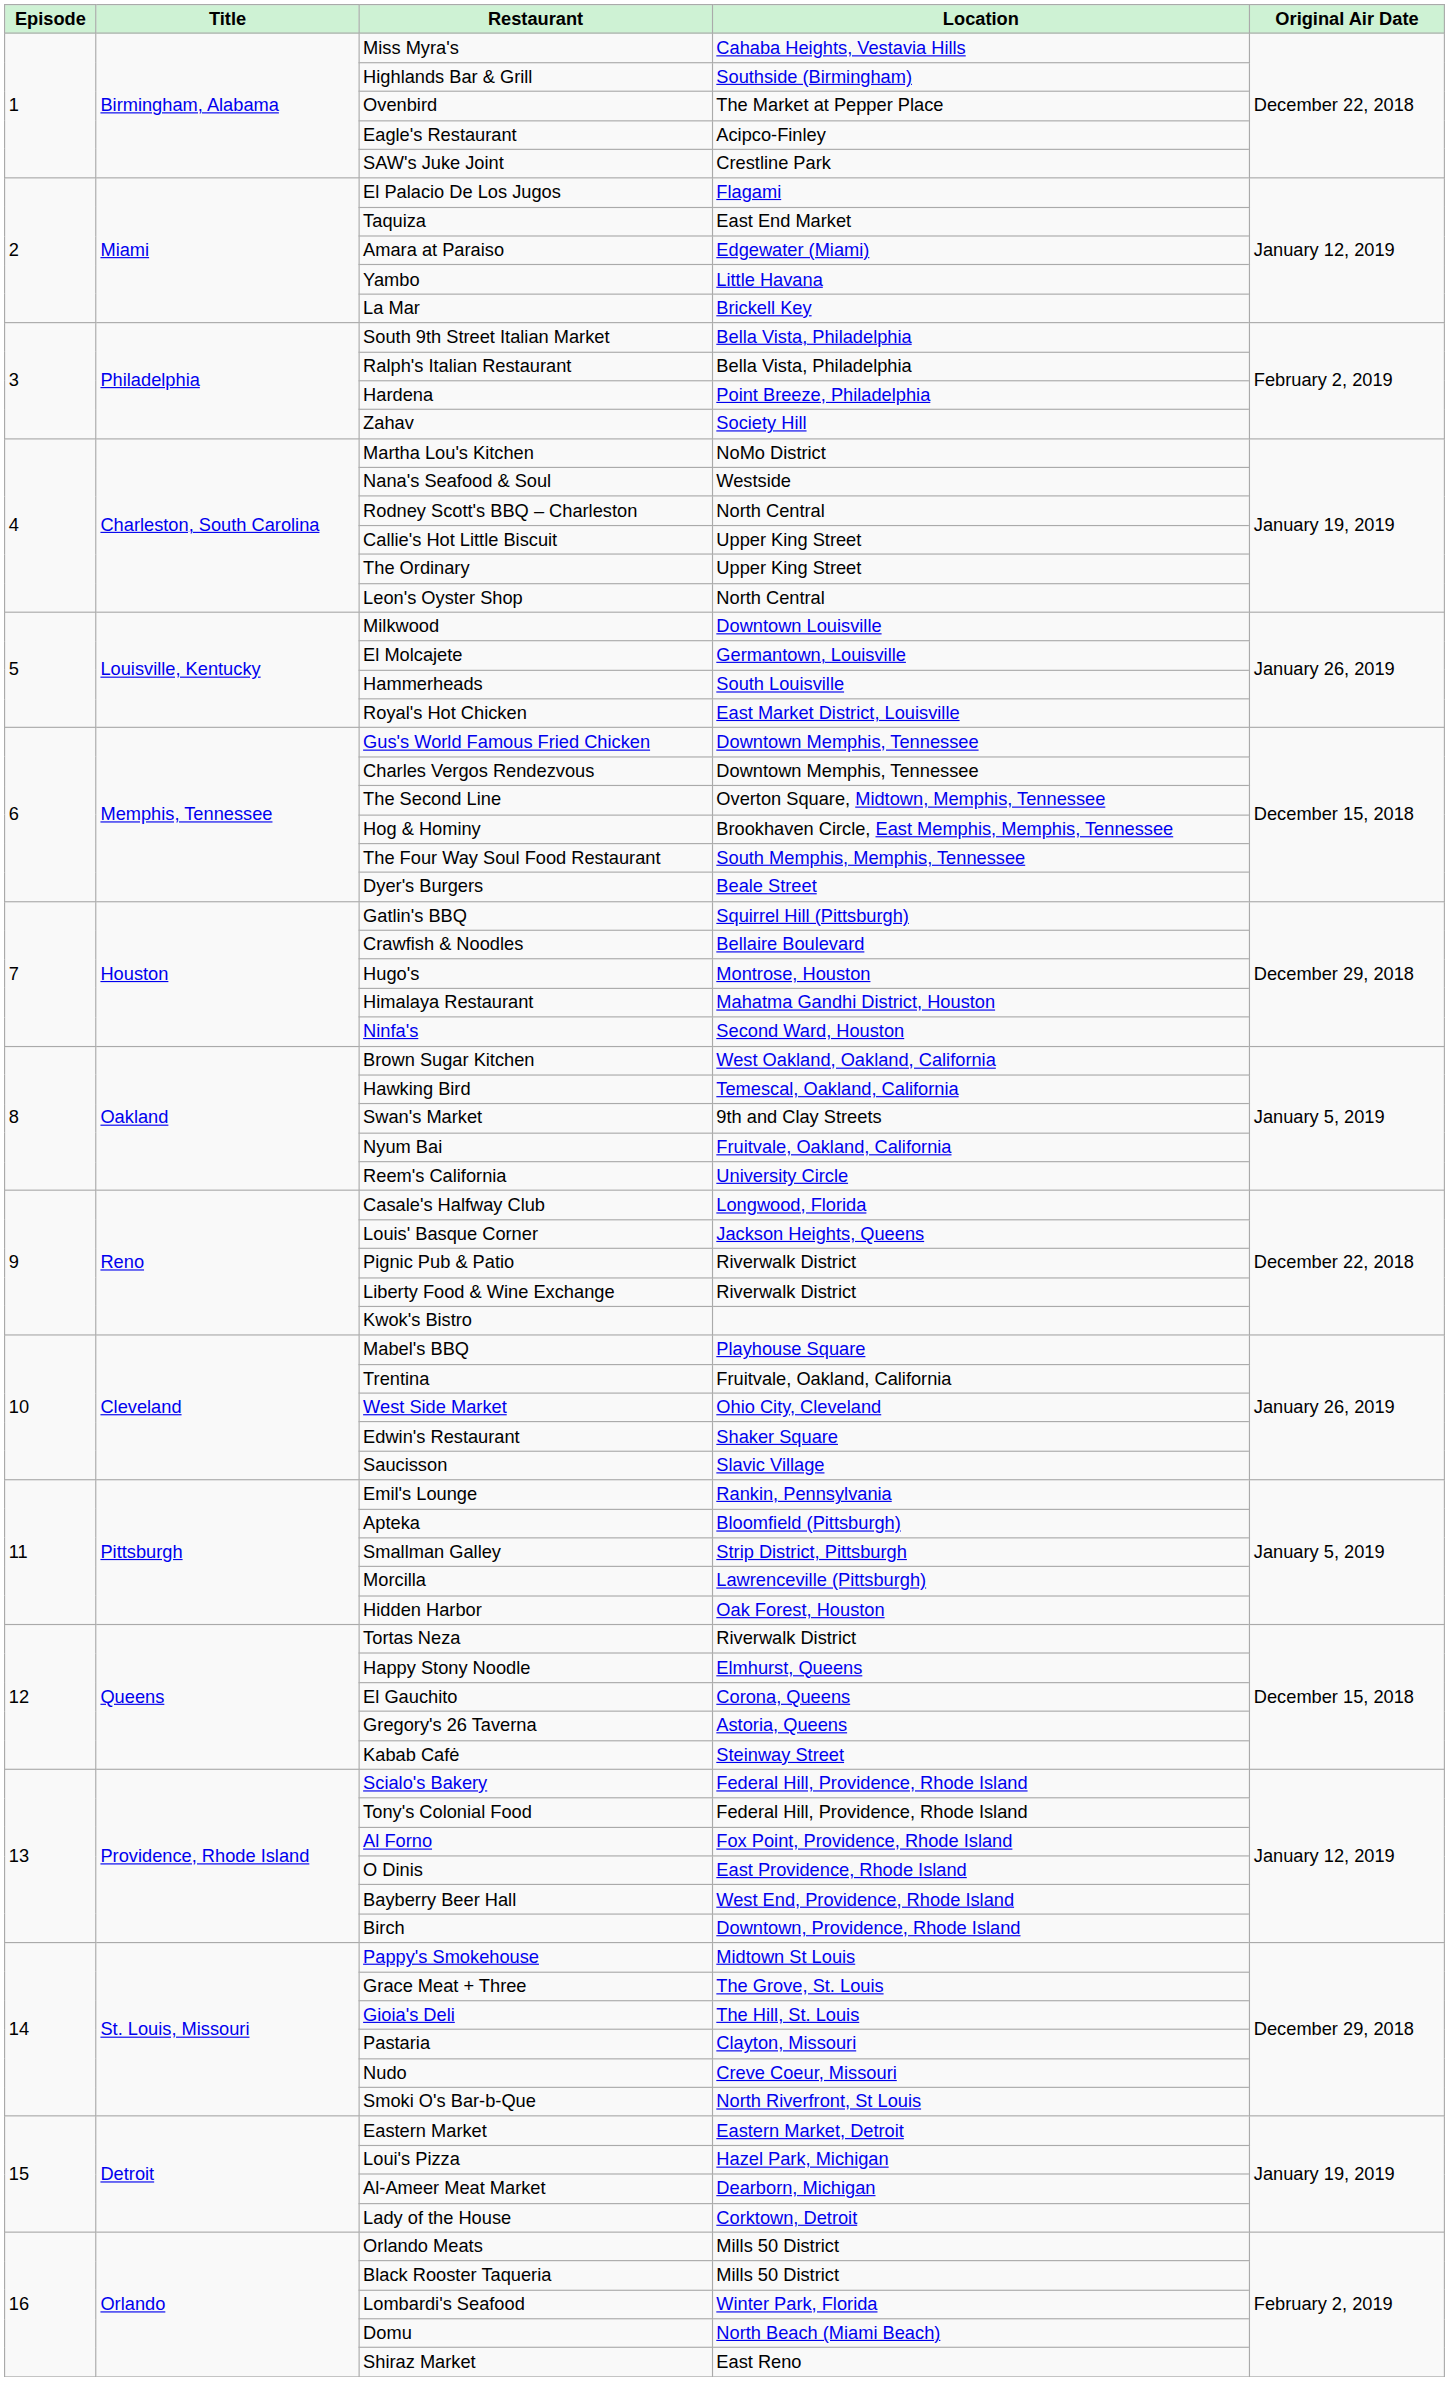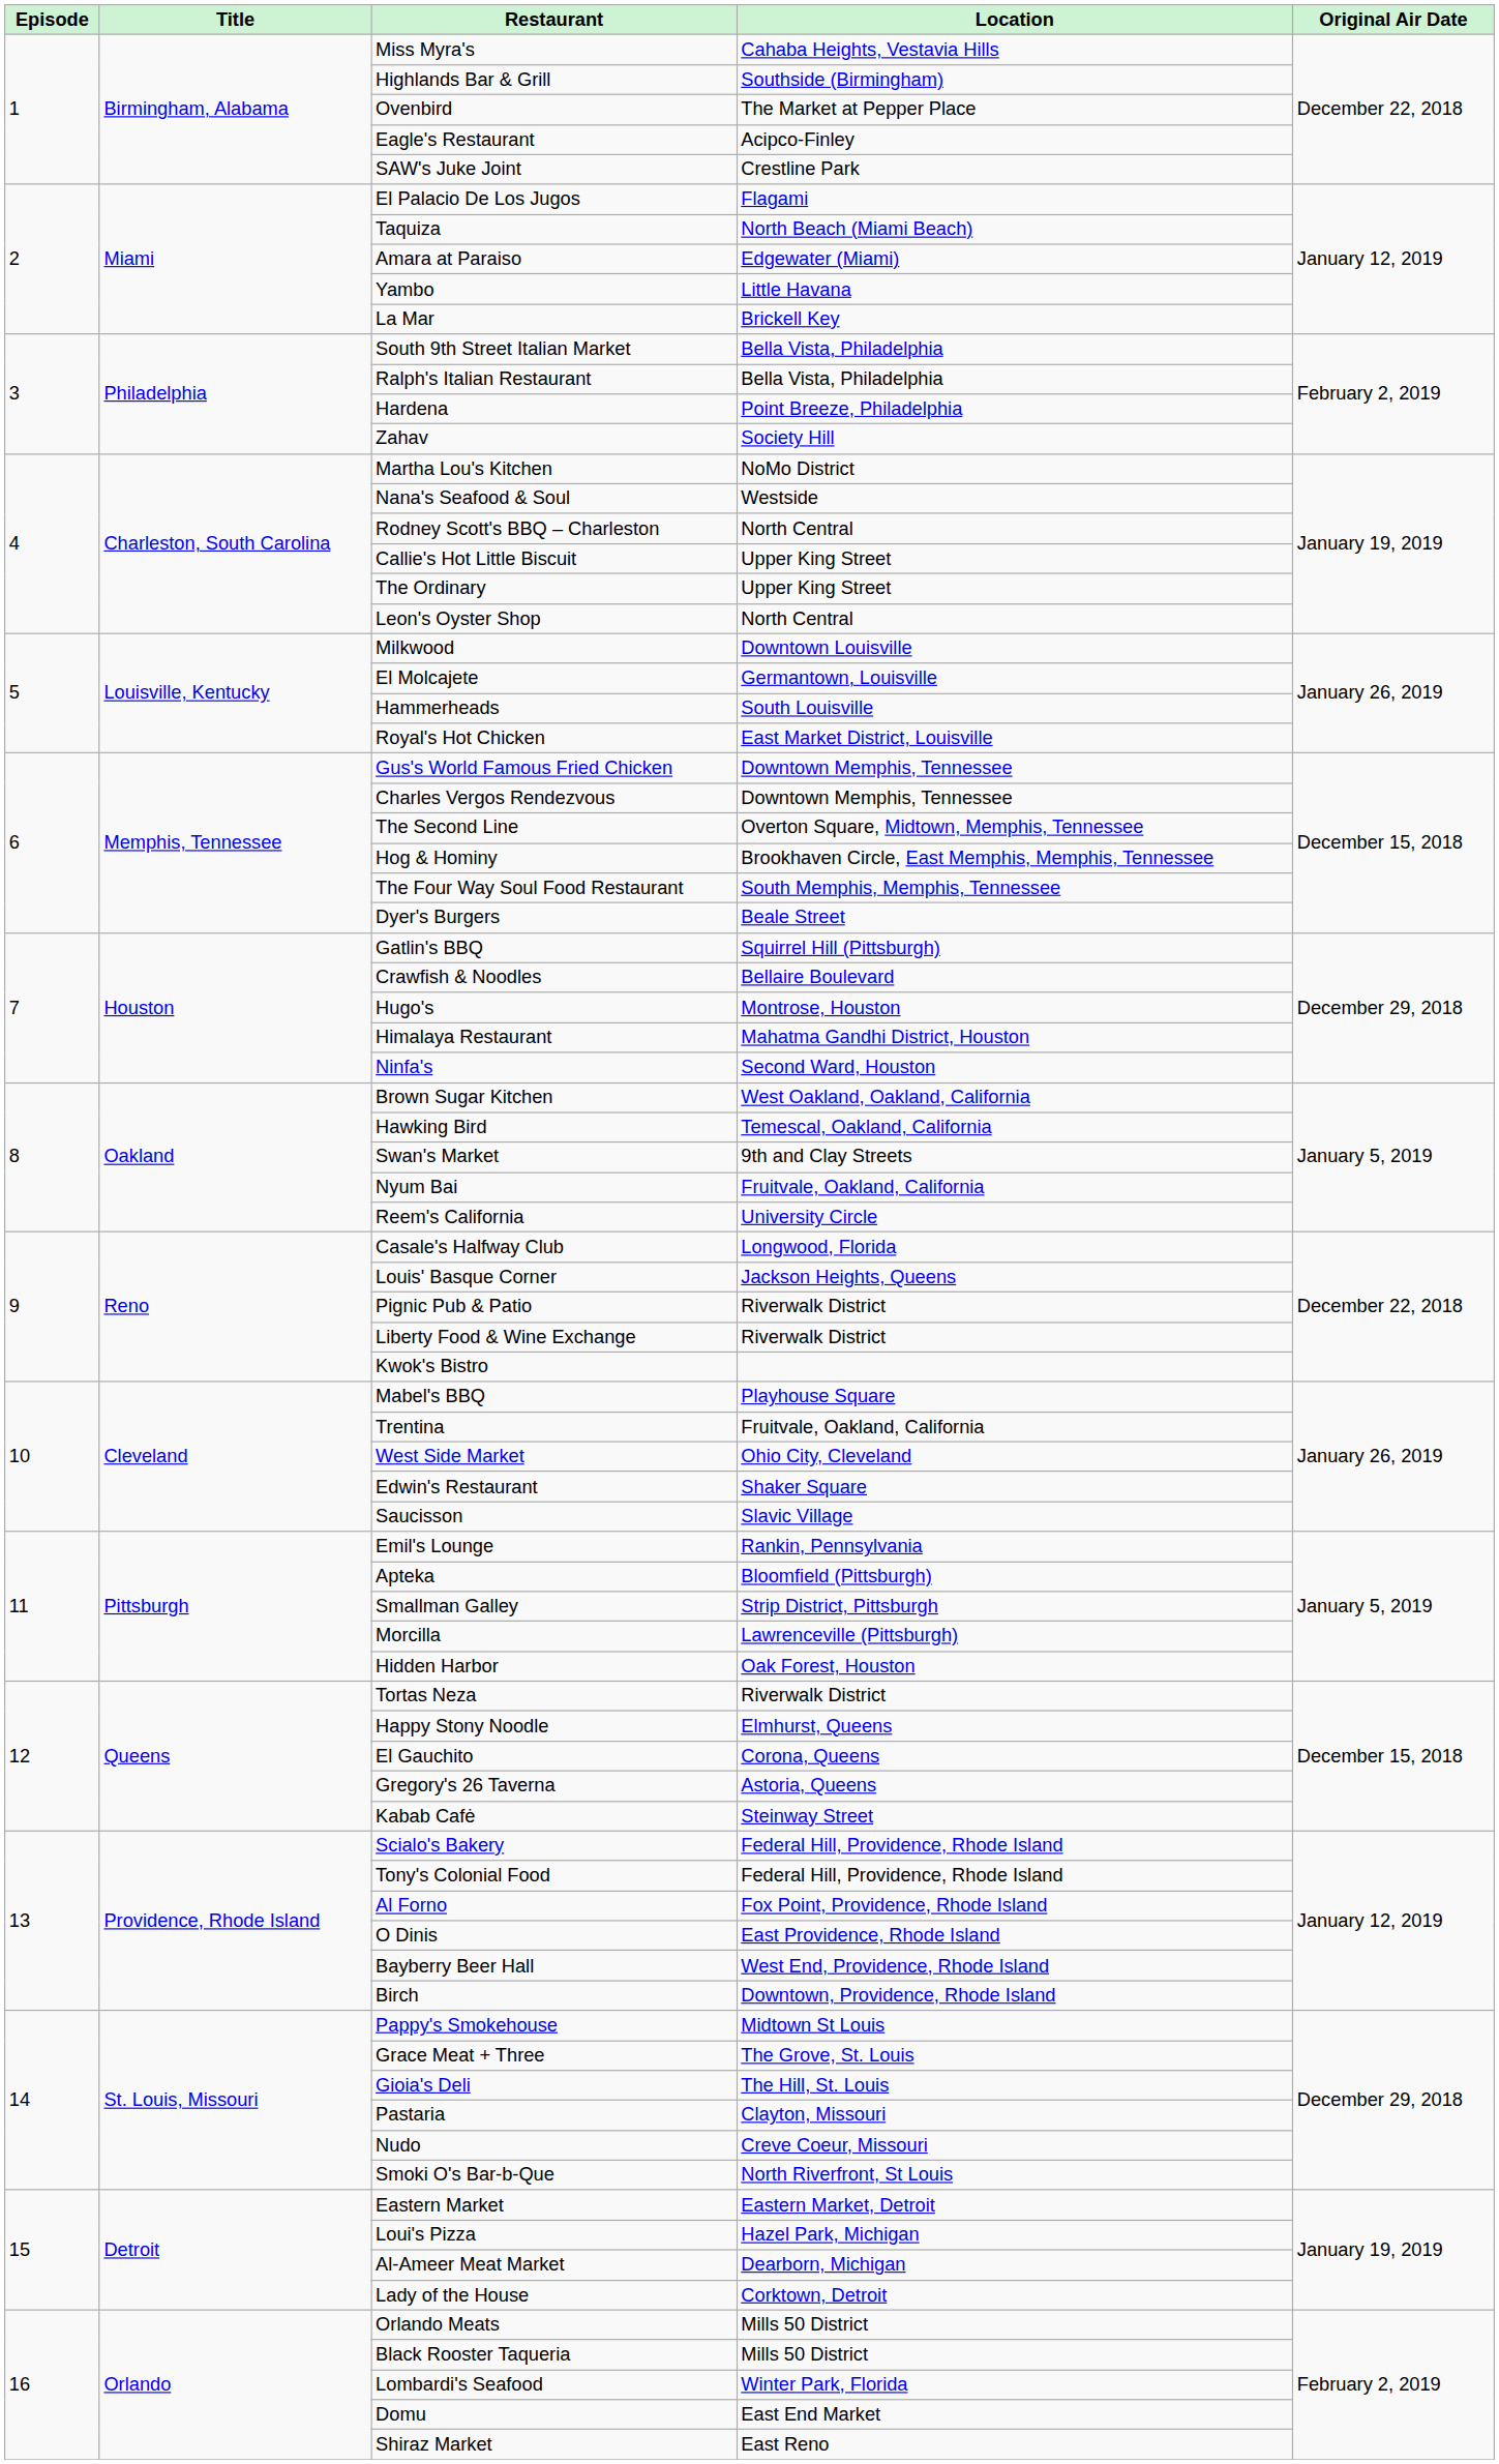 <table class="wikitable" style="width: 100%;">
 <tr>
 <th # style="background:#CEF2D4;">Episode</th>
 <th # style="background:#CEF2D4;">Title</th>
 <th # style="background:#CEF2D4;">Restaurant</th>
 <th # style="background:#CEF2D4;">Location</th>
 <th # style="background:#CEF2D4;">Original Air Date</th>
 </tr>
 <tr>
 <td rowspan="5">1</td>
 <td rowspan="5"><a href='#'>Birmingham, Alabama</a></td>
 <td>Miss Myra's</td>
 <td><a href='#'>Cahaba Heights, Vestavia Hills</a></td>
 <td rowspan="5">December 22, 2018</td>
 </tr>
 <tr>
 <td>Highlands Bar & Grill</td>
 <td><a href='#'>Southside (Birmingham)</a></td>
 </tr>
 <tr>
 <td>Ovenbird</td>
 <td>The Market at Pepper Place</td>
 </tr>
 <tr>
 <td>Eagle's Restaurant</td>
 <td>Acipco-Finley</td>
 </tr>
 <tr>
 <td>SAW's Juke Joint</td>
 <td>Crestline Park</td>
 </tr>
 <tr>
 <td rowspan="5">2</td>
 <td rowspan="5"><a href='#'>Miami</a></td>
 <td>El Palacio De Los Jugos</td>
 <td><a href='#'>Flagami</a></td>
 <td rowspan="5">January 12, 2019</td>
 </tr>
 <tr>
 <td>Taquiza</td>
-<td>East End Market</td>
+<td><a href='#'>North Beach (Miami Beach)</a></td>
 </tr>
 <tr>
 <td>Amara at Paraiso</td>
 <td><a href='#'>Edgewater (Miami)</a></td>
 </tr>
 <tr>
 <td>Yambo</td>
 <td><a href='#'>Little Havana</a></td>
 </tr>
 <tr>
 <td>La Mar</td>
 <td><a href='#'>Brickell Key</a></td>
 </tr>
 <tr>
 <td rowspan="4">3</td>
 <td rowspan="4"><a href='#'>Philadelphia</a></td>
 <td>South 9th Street Italian Market</td>
 <td><a href='#'>Bella Vista, Philadelphia</a></td>
 <td rowspan="4">February 2, 2019</td>
 </tr>
 <tr>
 <td>Ralph's Italian Restaurant</td>
 <td>Bella Vista, Philadelphia</td>
 </tr>
 <tr>
 <td>Hardena</td>
 <td><a href='#'>Point Breeze, Philadelphia</a></td>
 </tr>
 <tr>
 <td>Zahav</td>
 <td><a href='#'>Society Hill</a></td>
 </tr>
 <tr>
 <td rowspan="6">4</td>
 <td rowspan="6"><a href='#'>Charleston, South Carolina</a></td>
 <td>Martha Lou's Kitchen</td>
 <td>NoMo District</td>
 <td rowspan="6">January 19, 2019</td>
 </tr>
 <tr>
 <td>Nana's Seafood & Soul</td>
 <td>Westside</td>
 </tr>
 <tr>
 <td>Rodney Scott's BBQ – Charleston</td>
 <td>North Central</td>
 </tr>
 <tr>
 <td>Callie's Hot Little Biscuit</td>
 <td>Upper King Street</td>
 </tr>
 <tr>
 <td>The Ordinary</td>
 <td>Upper King Street</td>
 </tr>
 <tr>
 <td>Leon's Oyster Shop</td>
 <td>North Central</td>
 </tr>
 <tr>
 <td rowspan="4">5</td>
 <td rowspan="4"><a href='#'>Louisville, Kentucky</a></td>
 <td>Milkwood</td>
 <td><a href='#'>Downtown Louisville</a></td>
 <td rowspan="4">January 26, 2019</td>
 </tr>
 <tr>
 <td>El Molcajete</td>
 <td><a href='#'>Germantown, Louisville</a></td>
 </tr>
 <tr>
 <td>Hammerheads</td>
 <td><a href='#'>South Louisville</a></td>
 </tr>
 <tr>
 <td>Royal's Hot Chicken</td>
 <td><a href='#'>East Market District, Louisville</a></td>
 </tr>
 <tr>
 <td rowspan="6">6</td>
 <td rowspan="6"><a href='#'>Memphis, Tennessee</a></td>
 <td><a href='#'>Gus's World Famous Fried Chicken</a></td>
 <td><a href='#'>Downtown Memphis, Tennessee</a></td>
 <td rowspan="6">December 15, 2018</td>
 </tr>
 <tr>
 <td>Charles Vergos Rendezvous</td>
 <td>Downtown Memphis, Tennessee</td>
 </tr>
 <tr>
 <td>The Second Line</td>
 <td>Overton Square, <a href='#'>Midtown, Memphis, Tennessee</a></td>
 </tr>
 <tr>
 <td>Hog & Hominy</td>
 <td>Brookhaven Circle, <a href='#'>East Memphis, Memphis, Tennessee</a></td>
 </tr>
 <tr>
 <td>The Four Way Soul Food Restaurant</td>
 <td><a href='#'>South Memphis, Memphis, Tennessee</a></td>
 </tr>
 <tr>
 <td>Dyer's Burgers</td>
 <td><a href='#'>Beale Street</a></td>
 </tr>
 <tr>
 <td rowspan="5">7</td>
 <td rowspan="5"><a href='#'>Houston</a></td>
 <td>Gatlin's BBQ</td>
 <td><a href='#'>Squirrel Hill (Pittsburgh)</a></td>
 <td rowspan="5">December 29, 2018</td>
 </tr>
 <tr>
 <td>Crawfish & Noodles</td>
 <td><a href='#'>Bellaire Boulevard</a></td>
 </tr>
 <tr>
 <td>Hugo's</td>
 <td><a href='#'>Montrose, Houston</a></td>
 </tr>
 <tr>
 <td>Himalaya Restaurant</td>
 <td><a href='#'>Mahatma Gandhi District, Houston</a></td>
 </tr>
 <tr>
 <td><a href='#'>Ninfa's</a></td>
 <td><a href='#'>Second Ward, Houston</a></td>
 </tr>
 <tr>
 <td rowspan="5">8</td>
 <td rowspan="5"><a href='#'>Oakland</a></td>
 <td>Brown Sugar Kitchen</td>
 <td><a href='#'>West Oakland, Oakland, California</a></td>
 <td rowspan="5">January 5, 2019</td>
 </tr>
 <tr>
 <td>Hawking Bird</td>
 <td><a href='#'>Temescal, Oakland, California</a></td>
 </tr>
 <tr>
 <td>Swan's Market</td>
 <td>9th and Clay Streets</td>
 </tr>
 <tr>
 <td>Nyum Bai</td>
 <td><a href='#'>Fruitvale, Oakland, California</a></td>
 </tr>
 <tr>
 <td>Reem's California</td>
 <td><a href='#'>University Circle</a></td>
 </tr>
 <tr>
 <td rowspan="5">9</td>
 <td rowspan="5"><a href='#'>Reno</a></td>
 <td>Casale's Halfway Club</td>
 <td><a href='#'>Longwood, Florida</a></td>
 <td rowspan="5">December 22, 2018</td>
 </tr>
 <tr>
 <td>Louis' Basque Corner</td>
 <td><a href='#'>Jackson Heights, Queens</a></td>
 </tr>
 <tr>
 <td>Pignic Pub & Patio</td>
 <td>Riverwalk District</td>
 </tr>
 <tr>
 <td>Liberty Food & Wine Exchange</td>
 <td>Riverwalk District</td>
 </tr>
 <tr>
 <td>Kwok's Bistro</td>
 <td></td>
 </tr>
 <tr>
 <td rowspan="5">10</td>
 <td rowspan="5"><a href='#'>Cleveland</a></td>
 <td>Mabel's BBQ</td>
 <td><a href='#'>Playhouse Square</a></td>
 <td rowspan="5">January 26, 2019</td>
 </tr>
 <tr>
 <td>Trentina</td>
 <td>Fruitvale, Oakland, California</td>
 </tr>
 <tr>
 <td><a href='#'>West Side Market</a></td>
 <td><a href='#'>Ohio City, Cleveland</a></td>
 </tr>
 <tr>
 <td>Edwin's Restaurant</td>
 <td><a href='#'>Shaker Square</a></td>
 </tr>
 <tr>
 <td>Saucisson</td>
 <td><a href='#'>Slavic Village</a></td>
 </tr>
 <tr>
 <td rowspan="5">11</td>
 <td rowspan="5"><a href='#'>Pittsburgh</a></td>
 <td>Emil's Lounge</td>
 <td><a href='#'>Rankin, Pennsylvania</a></td>
 <td rowspan="5">January 5, 2019</td>
 </tr>
 <tr>
 <td>Apteka</td>
 <td><a href='#'>Bloomfield (Pittsburgh)</a></td>
 </tr>
 <tr>
 <td>Smallman Galley</td>
 <td><a href='#'>Strip District, Pittsburgh</a></td>
 </tr>
 <tr>
 <td>Morcilla</td>
 <td><a href='#'>Lawrenceville (Pittsburgh)</a></td>
 </tr>
 <tr>
 <td>Hidden Harbor</td>
 <td><a href='#'>Oak Forest, Houston</a></td>
 </tr>
 <tr>
 <td rowspan="5">12</td>
 <td rowspan="5"><a href='#'>Queens</a></td>
 <td>Tortas Neza</td>
 <td>Riverwalk District</td>
 <td rowspan="5">December 15, 2018</td>
 </tr>
 <tr>
 <td>Happy Stony Noodle</td>
 <td><a href='#'>Elmhurst, Queens</a></td>
 </tr>
 <tr>
 <td>El Gauchito</td>
 <td><a href='#'>Corona, Queens</a></td>
 </tr>
 <tr>
 <td>Gregory's 26 Taverna</td>
 <td><a href='#'>Astoria, Queens</a></td>
 </tr>
 <tr>
 <td>Kabab Cafė</td>
 <td><a href='#'>Steinway Street</a></td>
 </tr>
 <tr>
 <td rowspan="6">13</td>
 <td rowspan="6"><a href='#'>Providence, Rhode Island</a></td>
 <td><a href='#'>Scialo's Bakery</a></td>
 <td><a href='#'>Federal Hill, Providence, Rhode Island</a></td>
 <td rowspan="6">January 12, 2019</td>
 </tr>
 <tr>
 <td>Tony's Colonial Food</td>
 <td>Federal Hill, Providence, Rhode Island</td>
 </tr>
 <tr>
 <td><a href='#'>Al Forno</a></td>
 <td><a href='#'>Fox Point, Providence, Rhode Island</a></td>
 </tr>
 <tr>
 <td>O Dinis</td>
 <td><a href='#'>East Providence, Rhode Island</a></td>
 </tr>
 <tr>
 <td>Bayberry Beer Hall</td>
 <td><a href='#'>West End, Providence, Rhode Island</a></td>
 </tr>
 <tr>
 <td>Birch</td>
 <td><a href='#'>Downtown, Providence, Rhode Island</a></td>
 </tr>
 <tr>
 <td rowspan="6">14</td>
 <td rowspan="6"><a href='#'>St. Louis, Missouri</a></td>
 <td><a href='#'>Pappy's Smokehouse</a></td>
 <td><a href='#'>Midtown St Louis</a></td>
 <td rowspan="6">December 29, 2018</td>
 </tr>
 <tr>
 <td>Grace Meat + Three</td>
 <td><a href='#'>The Grove, St. Louis</a></td>
 </tr>
 <tr>
 <td><a href='#'>Gioia's Deli</a></td>
 <td><a href='#'>The Hill, St. Louis</a></td>
 </tr>
 <tr>
 <td>Pastaria</td>
 <td><a href='#'>Clayton, Missouri</a></td>
 </tr>
 <tr>
 <td>Nudo</td>
 <td><a href='#'>Creve Coeur, Missouri</a></td>
 </tr>
 <tr>
 <td>Smoki O's Bar-b-Que</td>
 <td><a href='#'>North Riverfront, St Louis</a></td>
 </tr>
 <tr>
 <td rowspan="4">15</td>
 <td rowspan="4"><a href='#'>Detroit</a></td>
 <td>Eastern Market</td>
 <td><a href='#'>Eastern Market, Detroit</a></td>
 <td rowspan="4">January 19, 2019</td>
 </tr>
 <tr>
 <td>Loui's Pizza</td>
 <td><a href='#'>Hazel Park, Michigan</a></td>
 </tr>
 <tr>
 <td>Al-Ameer Meat Market</td>
 <td><a href='#'>Dearborn, Michigan</a></td>
 </tr>
 <tr>
 <td>Lady of the House</td>
 <td><a href='#'>Corktown, Detroit</a></td>
 </tr>
 <tr>
 <td rowspan="5">16</td>
 <td rowspan="5"><a href='#'>Orlando</a></td>
 <td>Orlando Meats</td>
 <td>Mills 50 District</td>
 <td rowspan="5">February 2, 2019</td>
 </tr>
 <tr>
 <td>Black Rooster Taqueria</td>
 <td>Mills 50 District</td>
 </tr>
 <tr>
 <td>Lombardi's Seafood</td>
 <td><a href='#'>Winter Park, Florida</a></td>
 </tr>
 <tr>
 <td>Domu</td>
-<td><a href='#'>North Beach (Miami Beach)</a></td>
+<td>East End Market</td>
 </tr>
 <tr>
 <td>Shiraz Market</td>
 <td>East Reno</td>
 </tr>
 </table>
